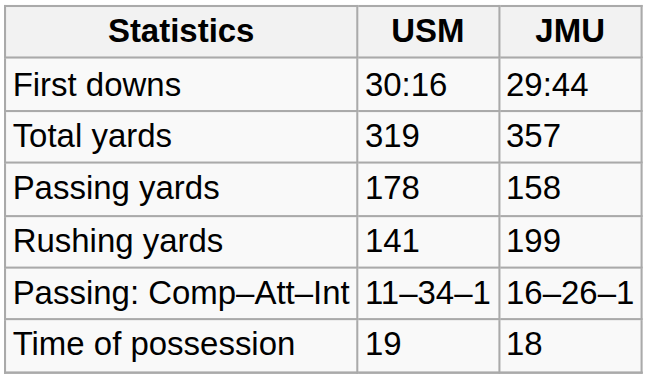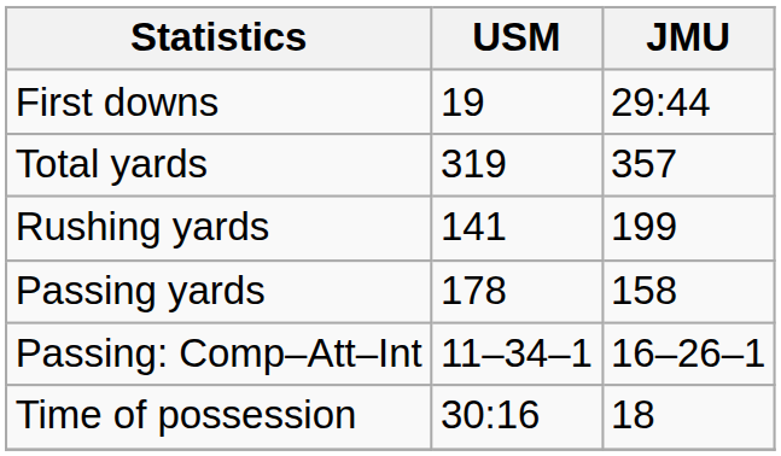 <table class="wikitable" style="float: left;">
 <tr>
 <th>Statistics</th>
 <th>USM</th>
 <th>JMU</th>
 </tr>
 <tr>
 <td>First downs</td>
-<td>30:16</td>
+<td>19</td>
 <td>29:44</td>
 </tr>
 <tr>
 <td>Total yards</td>
 <td>319</td>
 <td>357</td>
 </tr>
 <tr>
+<td>Rushing yards</td>
+<td>141</td>
+<td>199</td>
+</tr>
+<tr>
 <td>Passing yards</td>
 <td>178</td>
 <td>158</td>
-</tr>
-<tr>
-<td>Rushing yards</td>
-<td>141</td>
-<td>199</td>
 </tr>
 <tr>
 <td>Passing: Comp–Att–Int</td>
 <td>11–34–1</td>
 <td>16–26–1</td>
 </tr>
 <tr>
 <td>Time of possession</td>
-<td>19</td>
+<td>30:16</td>
 <td>18</td>
 </tr>
 <tr>
 </tr>
 </table>
